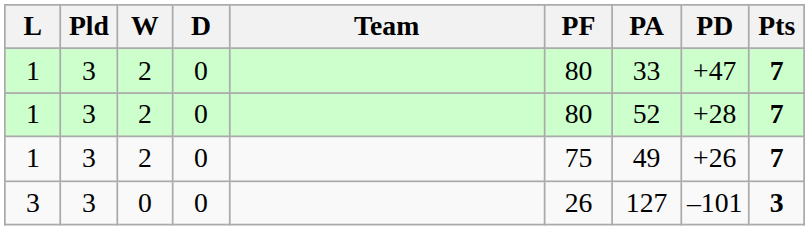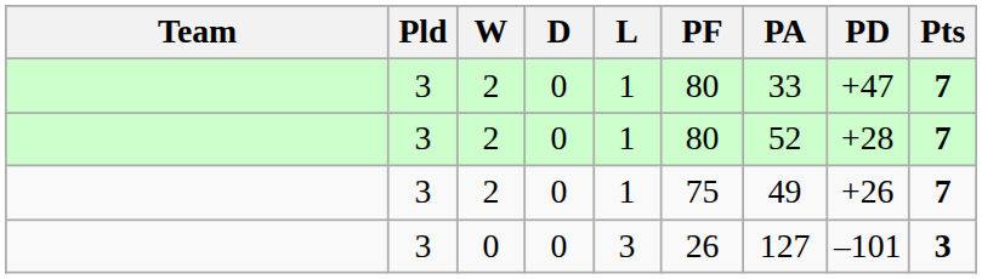 <table class="wikitable" style="text-align:center;">
 <tr>
-<th width=25 abbr="Lost">L</th>
+<th width=175>Team</th>
 <th width=25 abbr="Played">Pld</th>
 <th width=25 abbr="Won">W</th>
 <th width=25 abbr="Drawn">D</th>
-<th width=175>Team</th>
+<th width=25 abbr="Lost">L</th>
 <th width=32 abbr="Points for">PF</th>
 <th width=32 abbr="Points against">PA</th>
 <th width=32 abbr="Points difference">PD</th>
 <th width=25 abbr="Points">Pts</th>
 </tr>
 <tr bgcolor=ccffcc>
-<td>1</td>
+<td align=left></td>
 <td>3</td>
 <td>2</td>
 <td>0</td>
-<td align=left></td>
+<td>1</td>
 <td>80</td>
 <td>33</td>
 <td>+47</td>
 <td><strong>7</strong></td>
 </tr>
 <tr bgcolor=ccffcc>
-<td>1</td>
+<td align=left></td>
 <td>3</td>
 <td>2</td>
 <td>0</td>
-<td align=left></td>
+<td>1</td>
 <td>80</td>
 <td>52</td>
 <td>+28</td>
 <td><strong>7</strong></td>
 </tr>
 <tr>
-<td>1</td>
+<td align=left></td>
 <td>3</td>
 <td>2</td>
 <td>0</td>
-<td align=left></td>
+<td>1</td>
 <td>75</td>
 <td>49</td>
 <td>+26</td>
 <td><strong>7</strong></td>
 </tr>
 <tr>
-<td>3</td>
+<td align=left></td>
 <td>3</td>
 <td>0</td>
 <td>0</td>
-<td align=left></td>
+<td>3</td>
 <td>26</td>
 <td>127</td>
 <td>–101</td>
 <td><strong>3</strong></td>
 </tr>
 </table>
